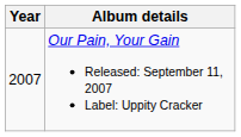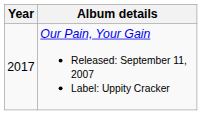 <table class="wikitable">
 <tr>
 <th>Year</th>
 <th style="width:200px;">Album details</th>
 </tr>
 <tr>
-<td>2007</td>
+<td>2017</td>
 <td><em><a href='#'>Our Pain, Your Gain</a></em><br><ul><li><small>Released: September 11, 2007</small></li><li><small>Label: Uppity Cracker</small></li></ul></td>
 </tr>
 </table>
